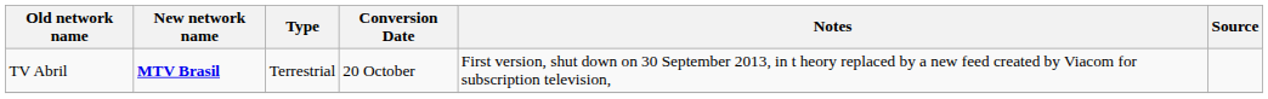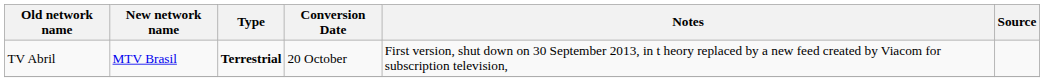 <table class="wikitable">
 <tr>
 <th>Old network name</th>
 <th>New network name</th>
 <th>Type</th>
 <th>Conversion Date</th>
 <th>Notes</th>
 <th>Source</th>
 </tr>
 <tr>
 <td>TV Abril</td>
-<td><strong><a href='#'>MTV Brasil</a></strong></td>
-<td>Terrestrial</td>
+<td><a href='#'>MTV Brasil</a></td>
+<td><strong>Terrestrial</strong></td>
 <td>20 October</td>
 <td>First version, shut down on 30 September 2013, in t heory replaced by a new feed created by Viacom for subscription television,</td>
 <td></td>
 </tr>
 <tr>
 </tr>
 </table>
